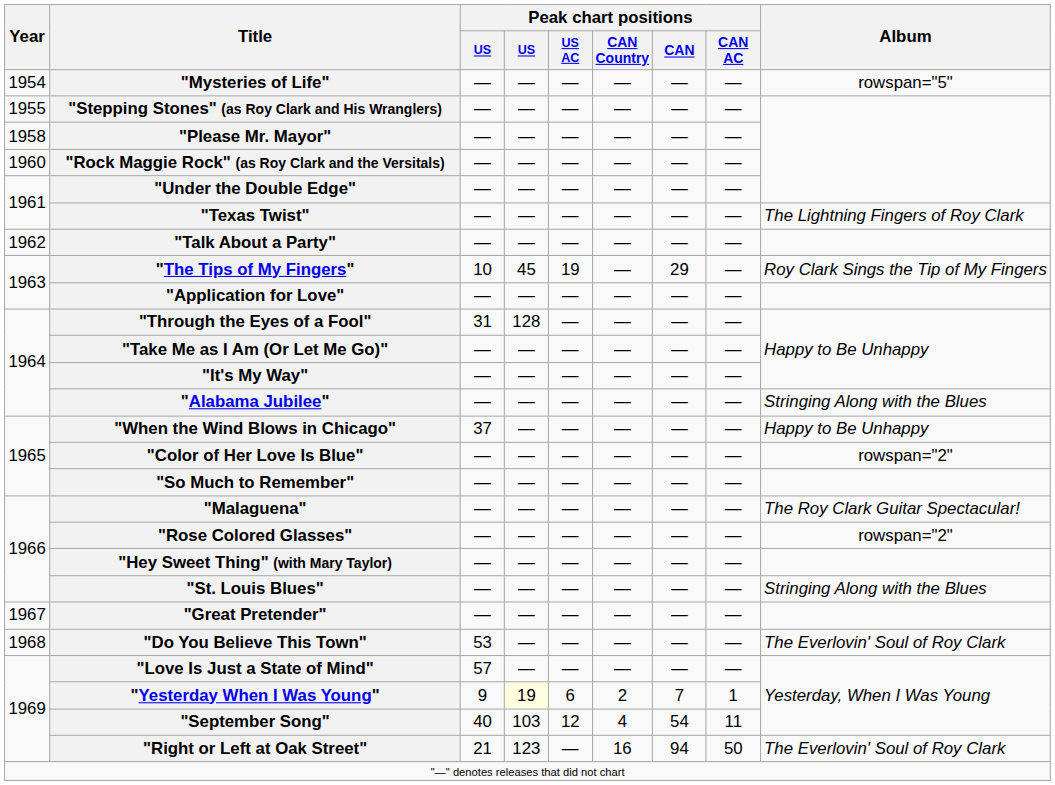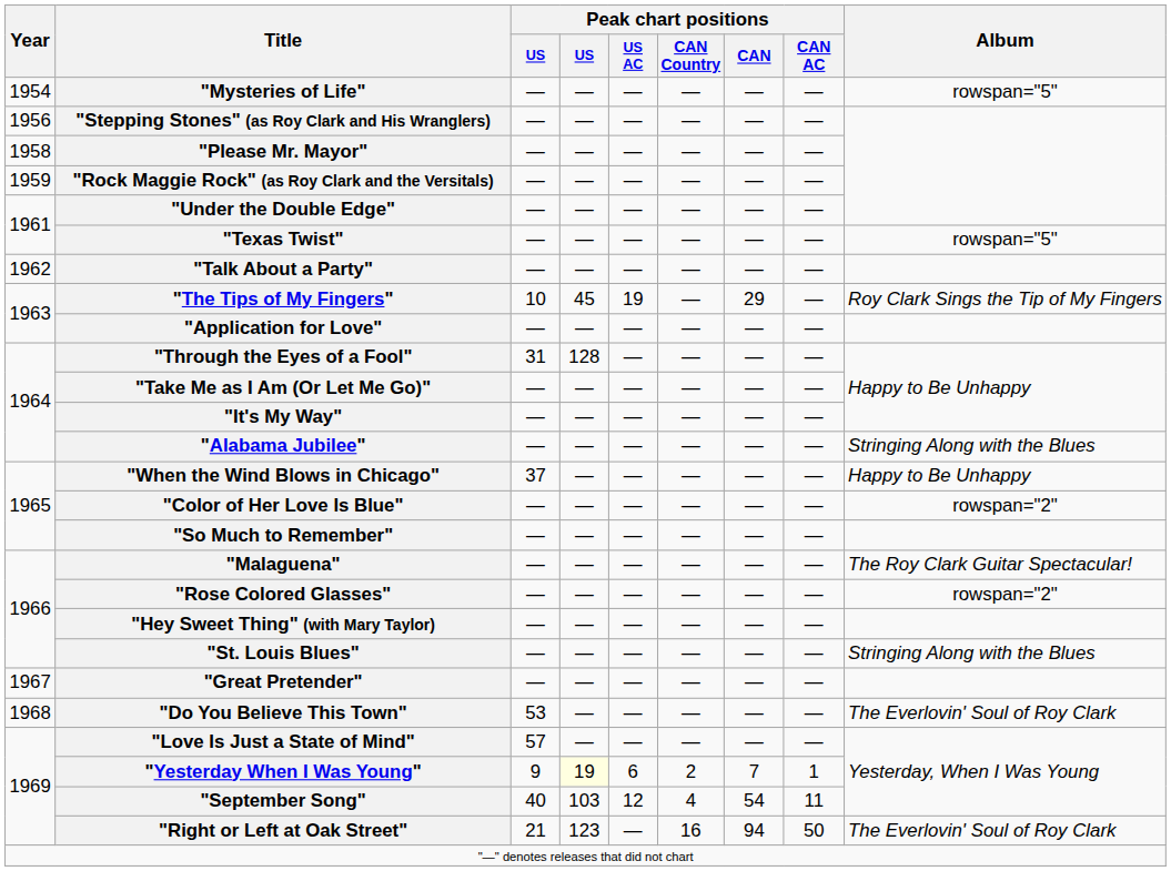 <table class="wikitable plainrowheaders" style="text-align:center;">
 <tr>
 <th rowspan="2">Year</th>
 <th rowspan="2" style="width:24em;">Title</th>
 <th colspan="6">Peak chart positions</th>
 <th rowspan="2">Album</th>
 </tr>
 <tr style="font-size:smaller;">
 <th scope="col" style="width:3em;font-size:90%;"><a href='#'>US </a><br></th>
 <th scope="col" style="width:3em;font-size:90%;"><a href='#'>US</a><br></th>
 <th scope="col" style="width:3em;font-size:90%;"><a href='#'>US AC</a><br></th>
 <th width="45"><a href='#'>CAN Country</a></th>
 <th width="45"><a href='#'>CAN</a></th>
 <th width="45"><a href='#'>CAN AC</a></th>
 </tr>
 <tr>
 <td>1954</td>
 <th scope="row">"Mysteries of Life"</th>
 <td>—</td>
 <td>—</td>
 <td>—</td>
 <td>—</td>
 <td>—</td>
 <td>—</td>
 <td>rowspan="5" </td>
 </tr>
 <tr>
-<td>1955</td>
+<td>1956</td>
 <th scope="row">"Stepping Stones" <small>(as Roy Clark and His Wranglers)</small></th>
 <td>—</td>
 <td>—</td>
 <td>—</td>
 <td>—</td>
 <td>—</td>
 <td>—</td>
 </tr>
 <tr>
 <td>1958</td>
 <th scope="row">"Please Mr. Mayor"</th>
 <td>—</td>
 <td>—</td>
 <td>—</td>
 <td>—</td>
 <td>—</td>
 <td>—</td>
 </tr>
 <tr>
-<td>1960</td>
+<td>1959</td>
 <th scope="row">"Rock Maggie Rock" <small>(as Roy Clark and the Versitals)</small></th>
 <td>—</td>
 <td>—</td>
 <td>—</td>
 <td>—</td>
 <td>—</td>
 <td>—</td>
 </tr>
 <tr>
 <td rowspan="2">1961</td>
 <th scope="row">"Under the Double Edge"</th>
 <td>—</td>
 <td>—</td>
 <td>—</td>
 <td>—</td>
 <td>—</td>
 <td>—</td>
 </tr>
 <tr>
 <th scope="row">"Texas Twist"</th>
 <td>—</td>
 <td>—</td>
 <td>—</td>
 <td>—</td>
 <td>—</td>
 <td>—</td>
-<td align="left"><em>The Lightning Fingers of Roy Clark</em></td>
+<td>rowspan="5" </td>
 </tr>
 <tr>
 <td>1962</td>
 <th scope="row">"Talk About a Party"</th>
 <td>—</td>
 <td>—</td>
 <td>—</td>
 <td>—</td>
 <td>—</td>
 <td>—</td>
 <td></td>
 </tr>
 <tr>
 <td rowspan="2">1963</td>
 <th scope="row">"<a href='#'>The Tips of My Fingers</a>"</th>
 <td>10</td>
 <td>45</td>
 <td>19</td>
 <td>—</td>
 <td>29</td>
 <td>—</td>
 <td align="left"><em>Roy Clark Sings the Tip of My Fingers</em></td>
 </tr>
 <tr>
 <th scope="row">"Application for Love"</th>
 <td>—</td>
 <td>—</td>
 <td>—</td>
 <td>—</td>
 <td>—</td>
 <td>—</td>
 <td></td>
 </tr>
 <tr>
 <td rowspan="4">1964</td>
 <th scope="row">"Through the Eyes of a Fool"</th>
 <td>31</td>
 <td>128</td>
 <td>—</td>
 <td>—</td>
 <td>—</td>
 <td>—</td>
 <td align="left" rowspan="3"><em>Happy to Be Unhappy</em></td>
 </tr>
 <tr>
 <th scope="row">"Take Me as I Am (Or Let Me Go)"</th>
 <td>—</td>
 <td>—</td>
 <td>—</td>
 <td>—</td>
 <td>—</td>
 <td>—</td>
 </tr>
 <tr>
 <th scope="row">"It's My Way"</th>
 <td>—</td>
 <td>—</td>
 <td>—</td>
 <td>—</td>
 <td>—</td>
 <td>—</td>
 </tr>
 <tr>
 <th scope="row">"<a href='#'>Alabama Jubilee</a>"</th>
 <td>—</td>
 <td>—</td>
 <td>—</td>
 <td>—</td>
 <td>—</td>
 <td>—</td>
 <td align="left"><em>Stringing Along with the Blues</em></td>
 </tr>
 <tr>
 <td rowspan="3">1965</td>
 <th scope="row">"When the Wind Blows in Chicago"</th>
 <td>37</td>
 <td>—</td>
 <td>—</td>
 <td>—</td>
 <td>—</td>
 <td>—</td>
 <td align="left"><em>Happy to Be Unhappy</em></td>
 </tr>
 <tr>
 <th scope="row">"Color of Her Love Is Blue"</th>
 <td>—</td>
 <td>—</td>
 <td>—</td>
 <td>—</td>
 <td>—</td>
 <td>—</td>
 <td>rowspan="2" </td>
 </tr>
 <tr>
 <th scope="row">"So Much to Remember"</th>
 <td>—</td>
 <td>—</td>
 <td>—</td>
 <td>—</td>
 <td>—</td>
 <td>—</td>
 </tr>
 <tr>
 <td rowspan="4">1966</td>
 <th scope="row">"Malaguena"</th>
 <td>—</td>
 <td>—</td>
 <td>—</td>
 <td>—</td>
 <td>—</td>
 <td>—</td>
 <td align="left"><em>The Roy Clark Guitar Spectacular!</em></td>
 </tr>
 <tr>
 <th scope="row">"Rose Colored Glasses"</th>
 <td>—</td>
 <td>—</td>
 <td>—</td>
 <td>—</td>
 <td>—</td>
 <td>—</td>
 <td>rowspan="2" </td>
 </tr>
 <tr>
 <th scope="row">"Hey Sweet Thing" <small>(with Mary Taylor)</small></th>
 <td>—</td>
 <td>—</td>
 <td>—</td>
 <td>—</td>
 <td>—</td>
 <td>—</td>
 </tr>
 <tr>
 <th scope="row">"St. Louis Blues"</th>
 <td>—</td>
 <td>—</td>
 <td>—</td>
 <td>—</td>
 <td>—</td>
 <td>—</td>
 <td align="left"><em>Stringing Along with the Blues</em></td>
 </tr>
 <tr>
 <td>1967</td>
 <th scope="row">"Great Pretender"</th>
 <td>—</td>
 <td>—</td>
 <td>—</td>
 <td>—</td>
 <td>—</td>
 <td>—</td>
 <td></td>
 </tr>
 <tr>
 <td>1968</td>
 <th scope="row">"Do You Believe This Town"</th>
 <td>53</td>
 <td>—</td>
 <td>—</td>
 <td>—</td>
 <td>—</td>
 <td>—</td>
 <td align="left"><em>The Everlovin' Soul of Roy Clark</em></td>
 </tr>
 <tr>
 <td rowspan="4">1969</td>
 <th scope="row">"Love Is Just a State of Mind"</th>
 <td>57</td>
 <td>—</td>
 <td>—</td>
 <td>—</td>
 <td>—</td>
 <td>—</td>
 <td align="left" rowspan="3"><em>Yesterday, When I Was Young</em></td>
 </tr>
 <tr>
 <th scope="row">"<a href='#'>Yesterday When I Was Young</a>"</th>
 <td>9</td>
 <td style="background: lightyellow;">19</td>
 <td>6</td>
 <td>2</td>
 <td>7</td>
 <td>1</td>
 </tr>
 <tr>
 <th scope="row">"September Song"</th>
 <td>40</td>
 <td>103</td>
 <td>12</td>
 <td>4</td>
 <td>54</td>
 <td>11</td>
 </tr>
 <tr>
 <th scope="row">"Right or Left at Oak Street"</th>
 <td>21</td>
 <td>123</td>
 <td>—</td>
 <td>16</td>
 <td>94</td>
 <td>50</td>
 <td align="left"><em>The Everlovin' Soul of Roy Clark</em></td>
 </tr>
 <tr>
 <td colspan="9" style="font-size: 8pt">"—" denotes releases that did not chart</td>
 </tr>
 <tr>
 </tr>
 </table>
